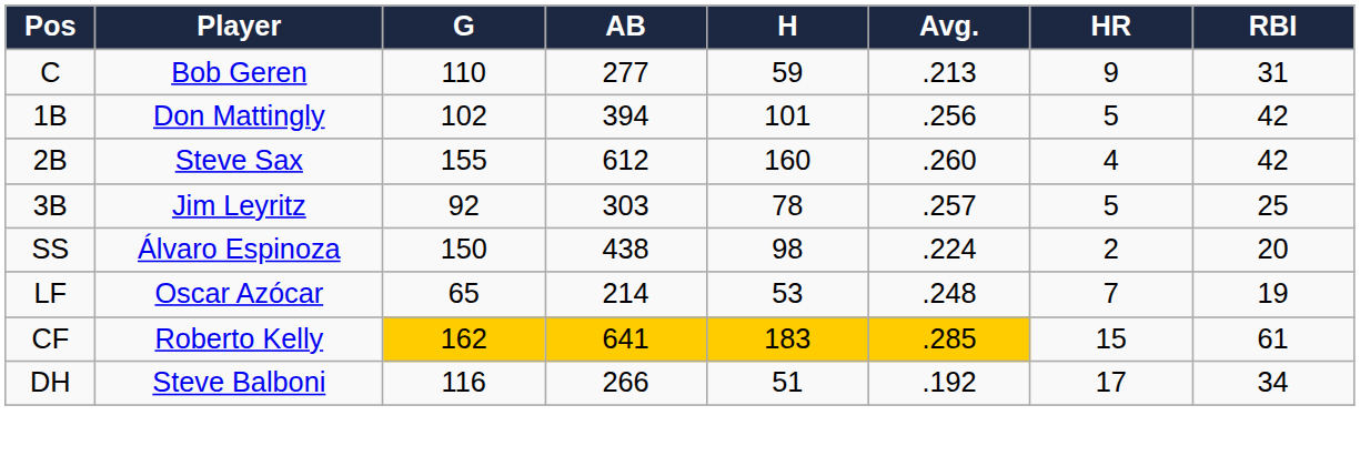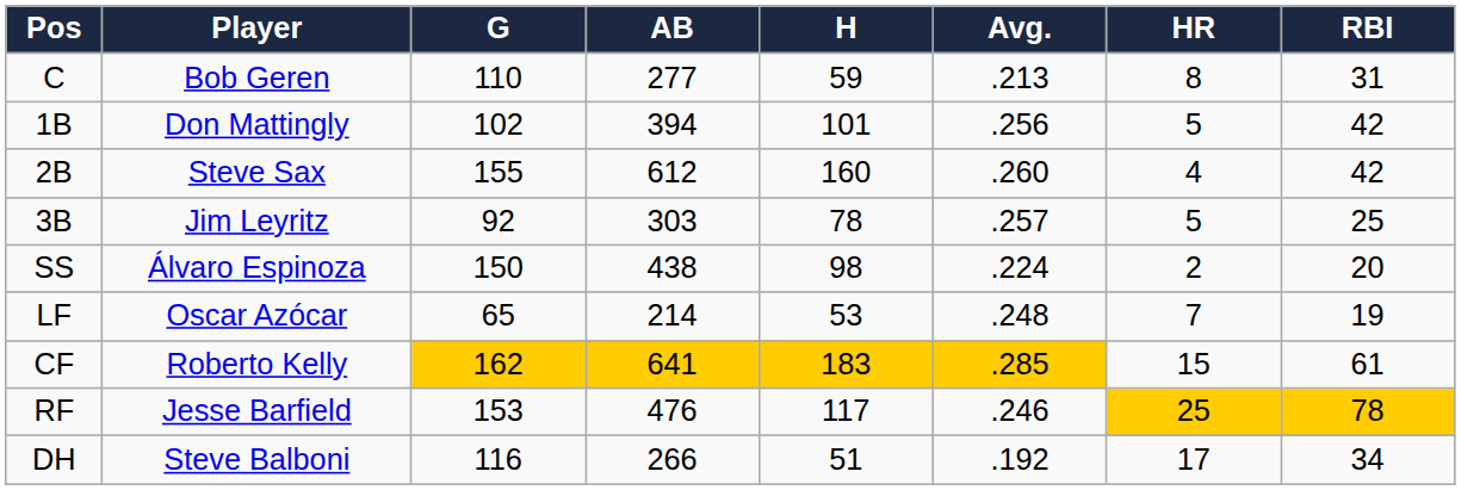 <table class="wikitable sortable">
 <tr>
 <th style="background:#1c2841;color:white;" width="5%">Pos</th>
 <th style="background:#1c2841;color:white;" width="16%">Player</th>
 <th style="background:#1c2841;color:white;" width="9%">G</th>
 <th style="background:#1c2841;color:white;" width="9%">AB</th>
 <th style="background:#1c2841;color:white;" width="9%">H</th>
 <th style="background:#1c2841;color:white;" width="9%">Avg.</th>
 <th style="background:#1c2841;color:white;" width="9%">HR</th>
 <th style="background:#1c2841;color:white;" width="9%">RBI</th>
 </tr>
 <tr align="center">
 <td>C</td>
 <td><a href='#'>Bob Geren</a></td>
 <td>110</td>
 <td>277</td>
 <td>59</td>
 <td>.213</td>
-<td>9</td>
+<td>8</td>
 <td>31</td>
 </tr>
 <tr align="center">
 <td>1B</td>
 <td><a href='#'>Don Mattingly</a></td>
 <td>102</td>
 <td>394</td>
 <td>101</td>
 <td>.256</td>
 <td>5</td>
 <td>42</td>
 </tr>
 <tr align="center">
 <td>2B</td>
 <td><a href='#'>Steve Sax</a></td>
 <td>155</td>
 <td>612</td>
 <td>160</td>
 <td>.260</td>
 <td>4</td>
 <td>42</td>
 </tr>
 <tr align="center">
 <td>3B</td>
 <td><a href='#'>Jim Leyritz</a></td>
 <td>92</td>
 <td>303</td>
 <td>78</td>
 <td>.257</td>
 <td>5</td>
 <td>25</td>
 </tr>
 <tr align="center">
 <td>SS</td>
 <td><a href='#'>Álvaro Espinoza</a></td>
 <td>150</td>
 <td>438</td>
 <td>98</td>
 <td>.224</td>
 <td>2</td>
 <td>20</td>
 </tr>
 <tr align="center">
 <td>LF</td>
 <td><a href='#'>Oscar Azócar</a></td>
 <td>65</td>
 <td>214</td>
 <td>53</td>
 <td>.248</td>
 <td>7</td>
 <td>19</td>
 </tr>
 <tr align="center">
 <td>CF</td>
 <td><a href='#'>Roberto Kelly</a></td>
 <td style="background:#fc0;">162</td>
 <td style="background:#fc0;">641</td>
 <td style="background:#fc0;">183</td>
 <td style="background:#fc0;">.285</td>
 <td>15</td>
 <td>61</td>
 </tr>
 <tr align="center">
+<td>RF</td>
+<td><a href='#'>Jesse Barfield</a></td>
+<td>153</td>
+<td>476</td>
+<td>117</td>
+<td>.246</td>
+<td style="background:#fc0;">25</td>
+<td style="background:#fc0;">78</td>
+</tr>
+<tr align="center">
 <td>DH</td>
 <td><a href='#'>Steve Balboni</a></td>
 <td>116</td>
 <td>266</td>
 <td>51</td>
 <td>.192</td>
 <td>17</td>
 <td>34</td>
 </tr>
 </table>
